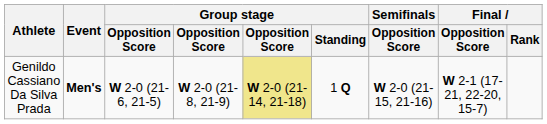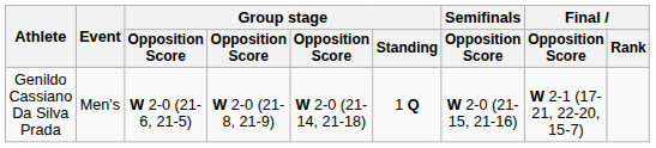 <table class=wikitable style="font-size:90%">
 <tr>
 <th rowspan=2>Athlete</th>
 <th rowspan=2>Event</th>
 <th colspan=4>Group stage</th>
 <th>Semifinals</th>
 <th colspan=2>Final / </th>
 </tr>
 <tr style="font-size:95%">
 <th>Opposition<br>Score</th>
 <th>Opposition<br>Score</th>
 <th>Opposition<br>Score</th>
 <th>Standing</th>
 <th>Opposition<br>Score</th>
 <th>Opposition<br>Score</th>
 <th>Rank</th>
 </tr>
 <tr align=center>
 <td>Genildo Cassiano<br>Da Silva Prada</td>
-<td><strong>Men's</strong></td>
+<td>Men's</td>
 <td> <br> <strong>W</strong>  2-0 (21-6, 21-5)</td>
 <td> <br> <strong>W</strong> 2-0 (21-8, 21-9)<br></td>
-<td style="background: khaki;"> <br> <strong>W</strong> 2-0 (21-14, 21-18)</td>
+<td> <br> <strong>W</strong> 2-0 (21-14, 21-18)</td>
 <td>1 <strong>Q</strong></td>
 <td><br> <strong>W</strong> 2-0 (21-15, 21-16)</td>
 <td><br> <strong>W</strong> 2-1 (17-21, 22-20, 15-7)</td>
 <td></td>
 </tr>
 </table>
